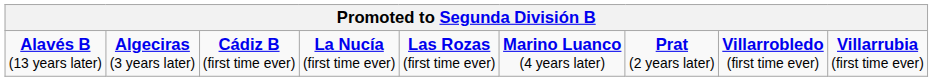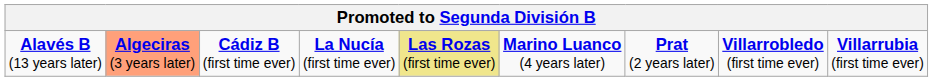 <table class="wikitable" style="text-align: center; margin: 0 auto;">
 <tr>
 <th colspan="9">Promoted to <a href='#'>Segunda División B</a></th>
 </tr>
 <tr>
 <td><strong><a href='#'>Alavés B</a></strong><br><small>(13 years later)</small></td>
-<td><strong><a href='#'>Algeciras</a></strong><br><small>(3 years later)</small></td>
+<td style="background: lightsalmon;"><strong><a href='#'>Algeciras</a></strong><br><small>(3 years later)</small></td>
 <td><strong><a href='#'>Cádiz B</a></strong><br><small>(first time ever)</small></td>
 <td><strong><a href='#'>La Nucía</a></strong><br><small>(first time ever)</small></td>
-<td><strong><a href='#'>Las Rozas</a></strong><br><small>(first time ever)</small></td>
+<td style="background: khaki;"><strong><a href='#'>Las Rozas</a></strong><br><small>(first time ever)</small></td>
 <td><strong><a href='#'>Marino Luanco</a></strong><br><small>(4 years later)</small></td>
 <td><strong><a href='#'>Prat</a></strong><br><small>(2 years later)</small></td>
 <td><strong><a href='#'>Villarrobledo</a></strong><br><small>(first time ever)</small></td>
 <td><strong><a href='#'>Villarrubia</a></strong><br><small>(first time ever)</small></td>
 </tr>
 </table>
